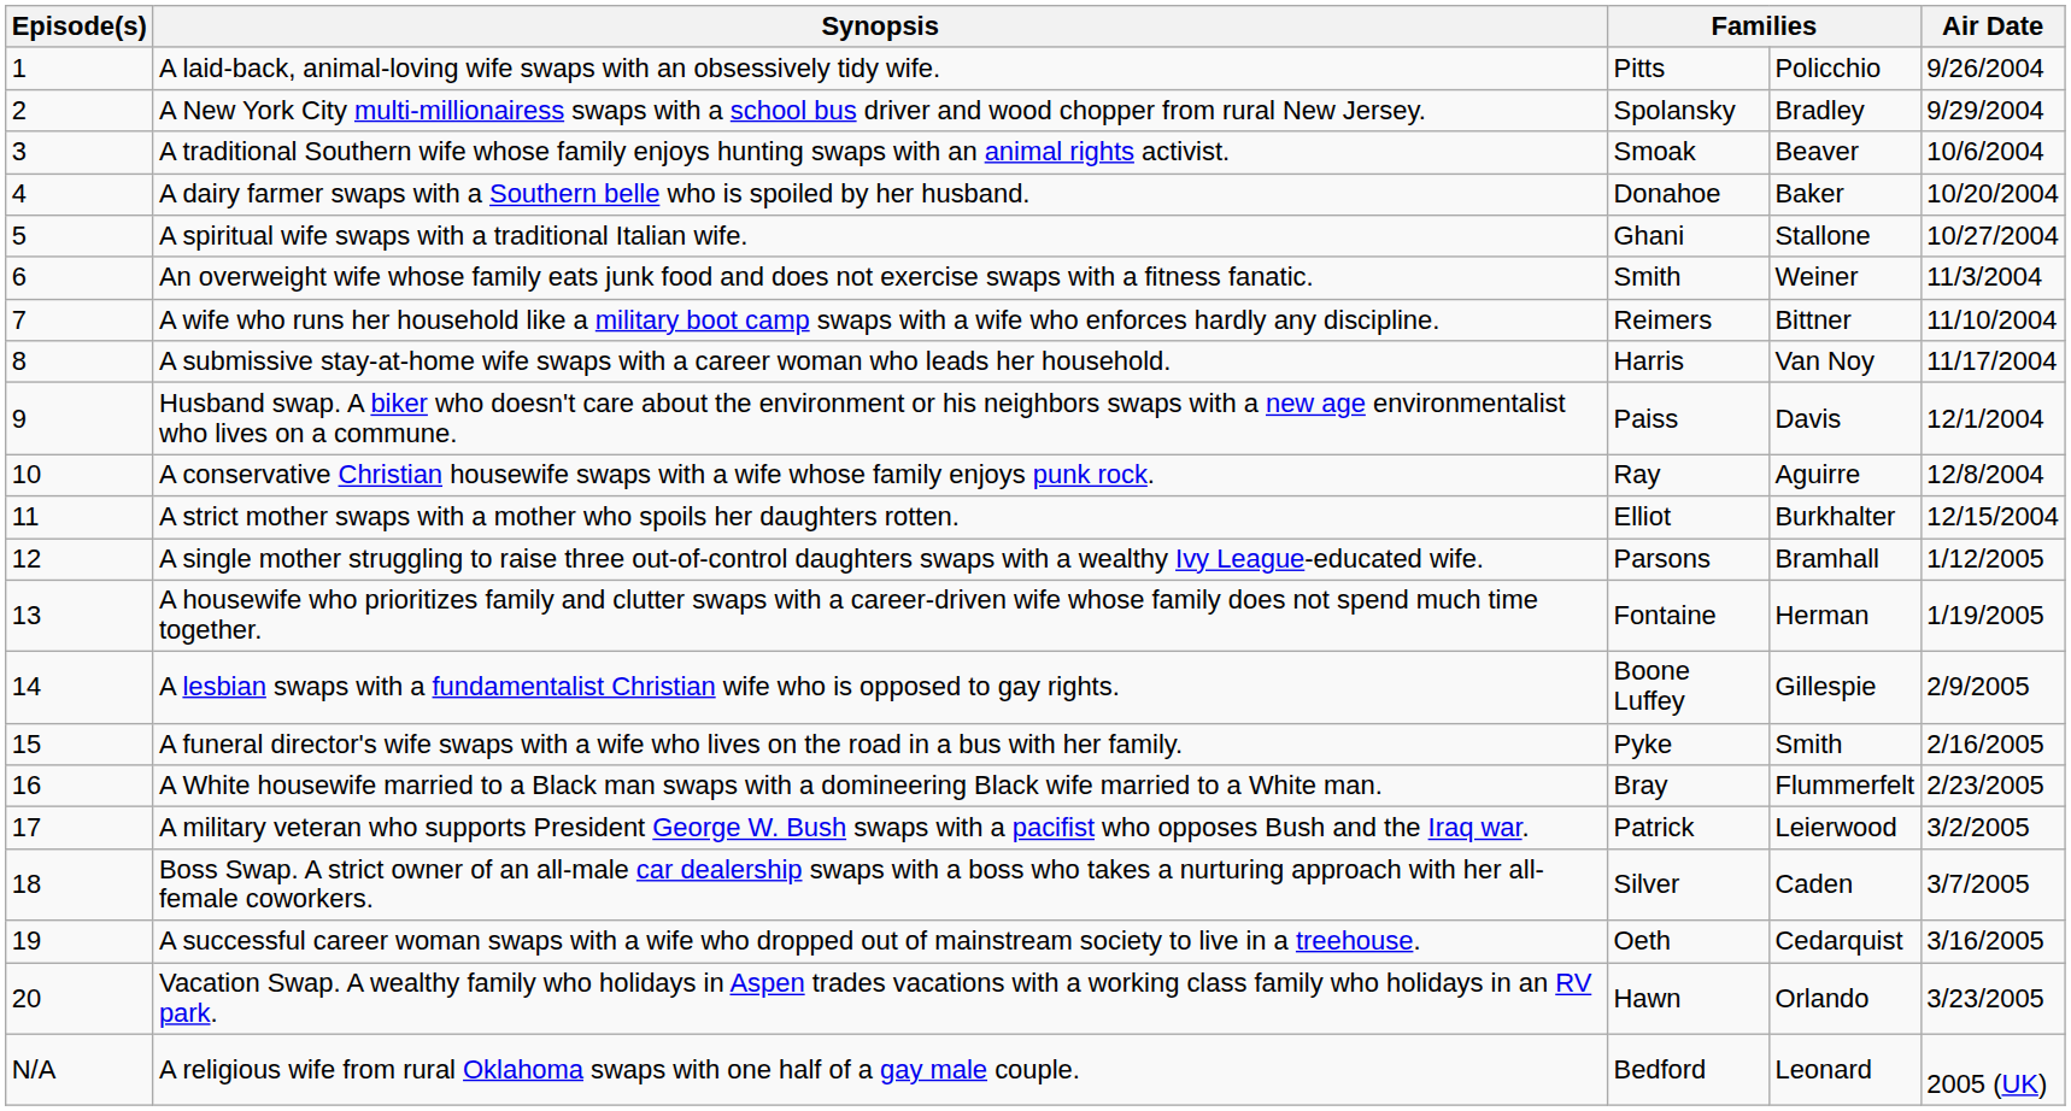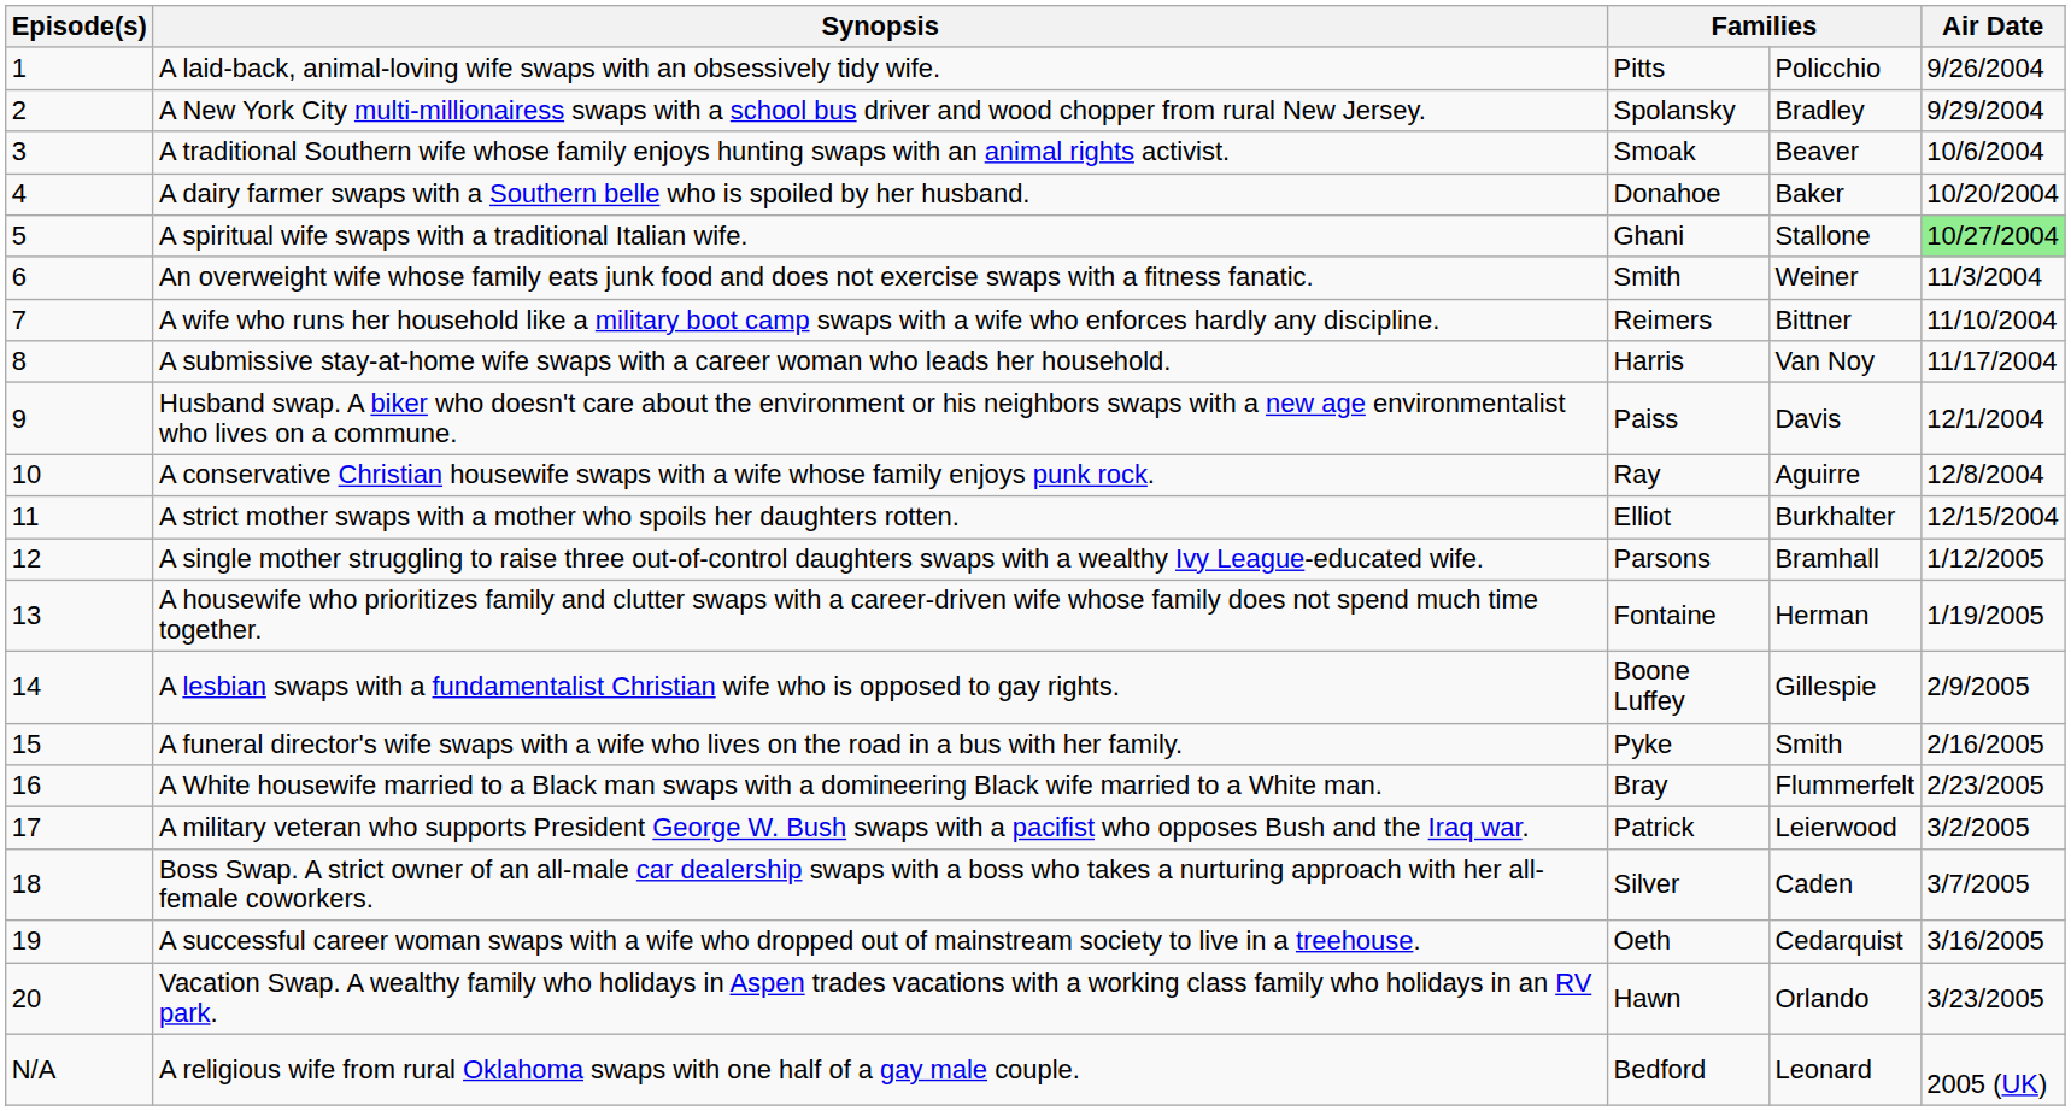 <table class="wikitable">
 <tr>
 <th>Episode(s)</th>
 <th>Synopsis</th>
 <th colspan="2">Families</th>
 <th>Air Date</th>
 </tr>
 <tr>
 <td>1</td>
 <td>A laid-back, animal-loving wife swaps with an obsessively tidy wife.</td>
 <td>Pitts</td>
 <td>Policchio</td>
 <td>9/26/2004</td>
 </tr>
 <tr>
 <td>2</td>
 <td>A New York City <a href='#'>multi-millionairess</a> swaps with a <a href='#'>school bus</a> driver and wood chopper from rural New Jersey.</td>
 <td>Spolansky</td>
 <td>Bradley</td>
 <td>9/29/2004</td>
 </tr>
 <tr>
 <td>3</td>
 <td>A traditional Southern wife whose family enjoys hunting swaps with an <a href='#'>animal rights</a> activist.</td>
 <td>Smoak</td>
 <td>Beaver</td>
 <td>10/6/2004</td>
 </tr>
 <tr>
 <td>4</td>
 <td>A dairy farmer swaps with a <a href='#'>Southern belle</a> who is spoiled by her husband.</td>
 <td>Donahoe</td>
 <td>Baker</td>
 <td>10/20/2004</td>
 </tr>
 <tr>
 <td>5</td>
 <td>A spiritual wife swaps with a traditional Italian wife.</td>
 <td>Ghani</td>
 <td>Stallone</td>
-<td>10/27/2004</td>
+<td style="background: lightgreen;">10/27/2004</td>
 </tr>
 <tr>
 <td>6</td>
 <td>An overweight wife whose family eats junk food and does not exercise swaps with a fitness fanatic.</td>
 <td>Smith</td>
 <td>Weiner</td>
 <td>11/3/2004</td>
 </tr>
 <tr>
 <td>7</td>
 <td>A wife who runs her household like a <a href='#'>military boot camp</a> swaps with a wife who enforces hardly any discipline.</td>
 <td>Reimers</td>
 <td>Bittner</td>
 <td>11/10/2004</td>
 </tr>
 <tr>
 <td>8</td>
 <td>A submissive stay-at-home wife swaps with a career woman who leads her household.</td>
 <td>Harris</td>
 <td>Van Noy</td>
 <td>11/17/2004</td>
 </tr>
 <tr>
 <td>9</td>
 <td>Husband swap. A <a href='#'>biker</a> who doesn't care about the environment or his neighbors swaps with a <a href='#'>new age</a> environmentalist who lives on a commune.</td>
 <td>Paiss</td>
 <td>Davis</td>
 <td>12/1/2004</td>
 </tr>
 <tr>
 <td>10</td>
 <td>A conservative <a href='#'>Christian</a> housewife swaps with a wife whose family enjoys <a href='#'>punk rock</a>.</td>
 <td>Ray</td>
 <td>Aguirre</td>
 <td>12/8/2004</td>
 </tr>
 <tr>
 <td>11</td>
 <td>A strict mother swaps with a mother who spoils her daughters rotten.</td>
 <td>Elliot</td>
 <td>Burkhalter</td>
 <td>12/15/2004</td>
 </tr>
 <tr>
 <td>12</td>
 <td>A single mother struggling to raise three out-of-control daughters swaps with a wealthy <a href='#'>Ivy League</a>-educated wife.</td>
 <td>Parsons</td>
 <td>Bramhall</td>
 <td>1/12/2005</td>
 </tr>
 <tr>
 <td>13</td>
 <td>A housewife who prioritizes family and clutter swaps with a career-driven wife whose family does not spend much time together.</td>
 <td>Fontaine</td>
 <td>Herman</td>
 <td>1/19/2005</td>
 </tr>
 <tr>
 <td>14</td>
 <td>A <a href='#'>lesbian</a> swaps with a <a href='#'>fundamentalist Christian</a> wife who is opposed to gay rights.</td>
 <td>Boone Luffey</td>
 <td>Gillespie</td>
 <td>2/9/2005</td>
 </tr>
 <tr>
 <td>15</td>
 <td>A funeral director's wife swaps with a wife who lives on the road in a bus with her family.</td>
 <td>Pyke</td>
 <td>Smith</td>
 <td>2/16/2005</td>
 </tr>
 <tr>
 <td>16</td>
 <td>A White housewife married to a Black man swaps with a domineering Black wife married to a White man.</td>
 <td>Bray</td>
 <td>Flummerfelt</td>
 <td>2/23/2005</td>
 </tr>
 <tr>
 <td>17</td>
 <td>A military veteran who supports President <a href='#'>George W. Bush</a> swaps with a <a href='#'>pacifist</a> who opposes Bush and the <a href='#'>Iraq war</a>.</td>
 <td>Patrick</td>
 <td>Leierwood</td>
 <td>3/2/2005</td>
 </tr>
 <tr>
 <td>18</td>
 <td>Boss Swap. A strict owner of an all-male <a href='#'>car dealership</a> swaps with a boss who takes a nurturing approach with her all-female coworkers.</td>
 <td>Silver</td>
 <td>Caden</td>
 <td>3/7/2005</td>
 </tr>
 <tr>
 <td>19</td>
 <td>A successful career woman swaps with a wife who dropped out of mainstream society to live in a <a href='#'>treehouse</a>.</td>
 <td>Oeth</td>
 <td>Cedarquist</td>
 <td>3/16/2005</td>
 </tr>
 <tr>
 <td>20</td>
 <td>Vacation Swap. A wealthy family who holidays in <a href='#'>Aspen</a> trades vacations with a working class family who holidays in an <a href='#'>RV park</a>.</td>
 <td>Hawn</td>
 <td>Orlando</td>
 <td>3/23/2005</td>
 </tr>
 <tr>
 <td>N/A</td>
 <td>A religious wife from rural <a href='#'>Oklahoma</a> swaps with one half of a <a href='#'>gay male</a> couple.</td>
 <td>Bedford</td>
 <td>Leonard</td>
 <td><br>2005 (<a href='#'>UK</a>)</td>
 </tr>
 </table>
